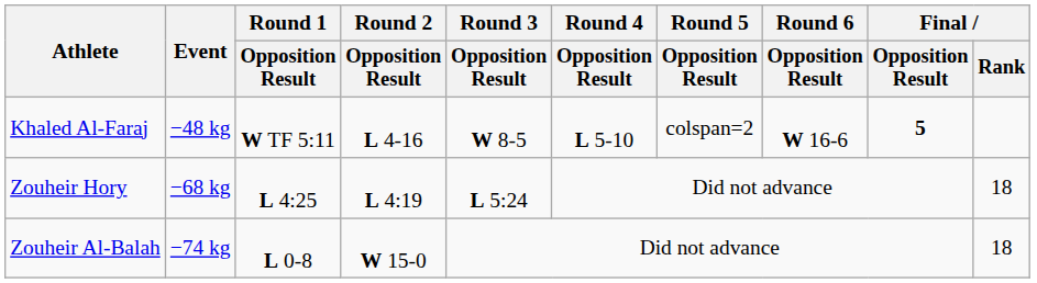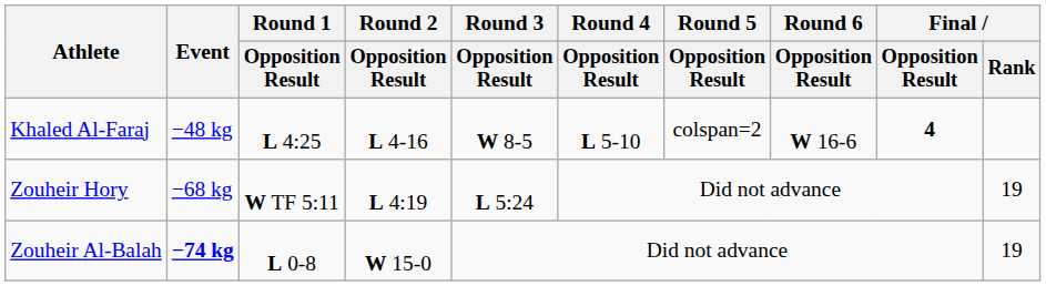 <table class="wikitable" style="font-size:90%">
 <tr>
 <th rowspan="2">Athlete</th>
 <th rowspan="2">Event</th>
 <th>Round 1</th>
 <th>Round 2</th>
 <th>Round 3</th>
 <th>Round 4</th>
 <th>Round 5</th>
 <th>Round 6</th>
 <th colspan=2>Final / </th>
 </tr>
 <tr style="font-size: 95%">
 <th>Opposition<br>Result</th>
 <th>Opposition<br>Result</th>
 <th>Opposition<br>Result</th>
 <th>Opposition<br>Result</th>
 <th>Opposition<br>Result</th>
 <th>Opposition<br>Result</th>
 <th>Opposition<br>Result</th>
 <th>Rank</th>
 </tr>
 <tr align=center>
 <td align=left><a href='#'>Khaled Al-Faraj</a></td>
 <td align=left><a href='#'>−48 kg</a></td>
-<td><br><strong>W</strong> TF 5:11</td>
+<td><br><strong>L</strong> 4:25</td>
 <td><br><strong>L</strong> 4-16</td>
 <td><br><strong>W</strong> 8-5</td>
 <td><br><strong>L</strong> 5-10</td>
 <td>colspan=2 </td>
 <td><br><strong>W</strong> 16-6</td>
-<td><strong>5</strong></td>
+<td><strong>4</strong></td>
 </tr>
 <tr align=center>
 <td align=left><a href='#'>Zouheir Hory</a></td>
 <td align=left><a href='#'>−68 kg</a></td>
-<td><br><strong>L</strong> 4:25</td>
+<td><br><strong>W</strong> TF 5:11</td>
 <td><br><strong>L</strong> 4:19</td>
 <td><br><strong>L</strong> 5:24</td>
 <td colspan=4>Did not advance</td>
-<td>18</td>
+<td>19</td>
 </tr>
 <tr align=center>
 <td align=left><a href='#'>Zouheir Al-Balah</a></td>
-<td align=left><a href='#'>−74 kg</a></td>
+<td align=left><strong><a href='#'>−74 kg</a></strong></td>
 <td><br><strong>L</strong> 0-8</td>
 <td><br><strong>W</strong> 15-0</td>
 <td colspan=5>Did not advance</td>
-<td>18</td>
+<td>19</td>
 </tr>
 </table>
